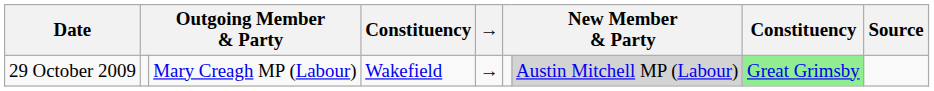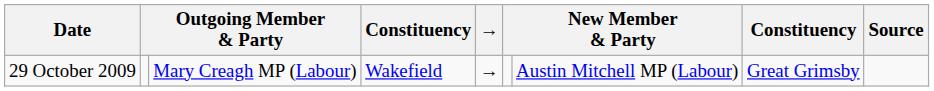 <table class="wikitable">
 <tr>
 <th colspan="1">Date</th>
 <th colspan="2">Outgoing Member<br>& Party</th>
 <th colspan="1">Constituency</th>
 <th colspan="1">→</th>
 <th colspan="2">New Member<br>& Party</th>
 <th colspan="1">Constituency</th>
 <th colspan="1">Source</th>
 </tr>
 <tr>
 <td>29 October 2009</td>
 <td style="color:inherit;background:"></td>
 <td><a href='#'>Mary Creagh</a> MP (<a href='#'>Labour</a>)</td>
 <td><a href='#'>Wakefield</a></td>
 <td>→</td>
 <td style="color:inherit;background:"></td>
-<td style="background: lightgrey;"><a href='#'>Austin Mitchell</a> MP (<a href='#'>Labour</a>)</td>
-<td style="background: lightgreen;"><a href='#'>Great Grimsby</a></td>
+<td><a href='#'>Austin Mitchell</a> MP (<a href='#'>Labour</a>)</td>
+<td><a href='#'>Great Grimsby</a></td>
 <td></td>
 </tr>
 </table>
